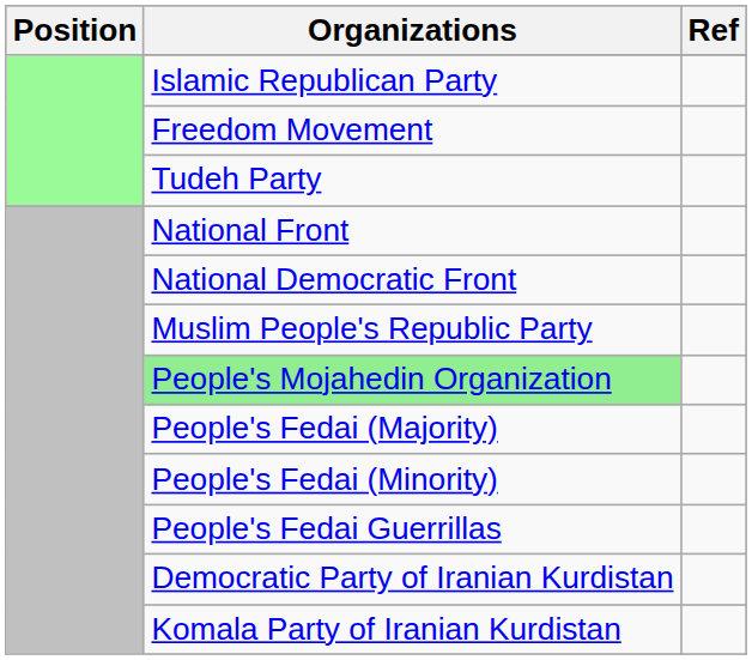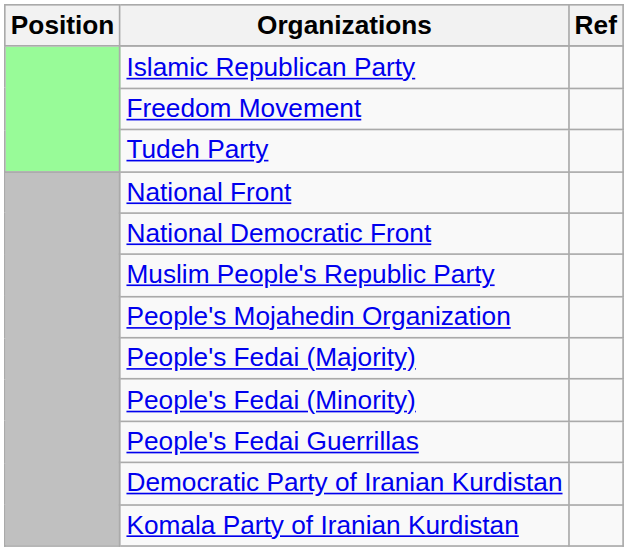 <table class="wikitable">
 <tr>
 <th>Position</th>
 <th>Organizations</th>
 <th>Ref</th>
 </tr>
 <tr>
 <td style="background-color:#98FB98" rowspan="4"></td>
 </tr>
 <tr>
 <td><a href='#'>Islamic Republican Party</a></td>
 <td></td>
 </tr>
 <tr>
 <td><a href='#'>Freedom Movement</a></td>
 <td></td>
 </tr>
 <tr>
 <td><a href='#'>Tudeh Party</a></td>
 <td></td>
 </tr>
 <tr>
 <td style="background-color:#C0C0C0" rowspan="9"></td>
 <td><a href='#'>National Front</a></td>
 <td></td>
 </tr>
 <tr>
 <td><a href='#'>National Democratic Front</a></td>
 <td></td>
 </tr>
 <tr>
 <td><a href='#'>Muslim People's Republic Party</a></td>
 <td></td>
 </tr>
 <tr>
-<td style="background: lightgreen;"><a href='#'>People's Mojahedin Organization</a></td>
+<td><a href='#'>People's Mojahedin Organization</a></td>
 <td></td>
 </tr>
 <tr>
 <td><a href='#'>People's Fedai (Majority)</a></td>
 <td></td>
 </tr>
 <tr>
 <td><a href='#'>People's Fedai (Minority)</a></td>
 <td></td>
 </tr>
 <tr>
 <td><a href='#'>People's Fedai Guerrillas</a></td>
 <td></td>
 </tr>
 <tr>
 <td><a href='#'>Democratic Party of Iranian Kurdistan</a></td>
 <td></td>
 </tr>
 <tr>
 <td><a href='#'>Komala Party of Iranian Kurdistan</a></td>
 <td></td>
 </tr>
 </table>
